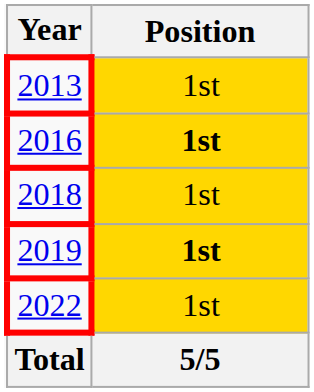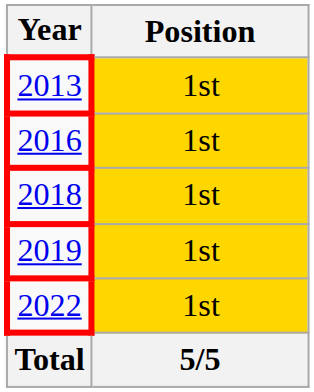 <table class="wikitable" style="text-align: center;">
 <tr>
 <th>Year</th>
 <th width="100">Position</th>
 </tr>
 <tr>
 <td style="border: 3px solid red"> <a href='#'>2013</a></td>
 <td bgcolor=gold>1st</td>
 </tr>
 <tr>
 <td style="border: 3px solid red"> <a href='#'>2016</a></td>
-<td bgcolor=gold><strong>1st</strong></td>
+<td bgcolor=gold>1st</td>
 </tr>
 <tr>
 <td style="border: 3px solid red"> <a href='#'>2018</a></td>
 <td bgcolor=gold>1st</td>
 </tr>
 <tr>
 <td style="border: 3px solid red"> <a href='#'>2019</a></td>
-<td bgcolor=gold><strong>1st</strong></td>
+<td bgcolor=gold>1st</td>
 </tr>
 <tr>
 <td style="border: 3px solid red"> <a href='#'>2022</a></td>
 <td bgcolor=gold>1st</td>
 </tr>
 <tr>
 <th>Total</th>
 <th>5/5</th>
 </tr>
 </table>
